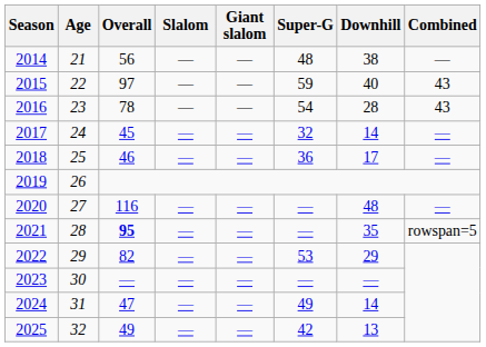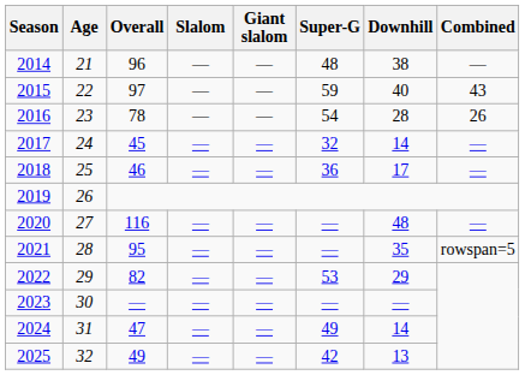 <table class=wikitable style="text-align:center">
 <tr>
 <th>Season</th>
 <th> Age </th>
 <th>Overall</th>
 <th> Slalom </th>
 <th>Giant<br> slalom </th>
 <th>Super-G</th>
 <th>Downhill</th>
 <th>Combined</th>
 </tr>
 <tr>
 <td><a href='#'>2014</a></td>
 <td><em>21</em></td>
-<td>56</td>
+<td>96</td>
 <td>—</td>
 <td>—</td>
 <td>48</td>
 <td>38</td>
 <td>—</td>
 </tr>
 <tr>
 <td><a href='#'>2015</a></td>
 <td><em>22</em></td>
 <td>97</td>
 <td>—</td>
 <td>—</td>
 <td>59</td>
 <td>40</td>
 <td>43</td>
 </tr>
 <tr>
 <td><a href='#'>2016</a></td>
 <td><em>23</em></td>
 <td>78</td>
 <td>—</td>
 <td>—</td>
 <td>54</td>
 <td>28</td>
-<td>43</td>
+<td>26</td>
 </tr>
 <tr>
 <td><a href='#'>2017</a></td>
 <td><em>24</em></td>
 <td><a href='#'>45</a></td>
 <td><a href='#'>—</a></td>
 <td><a href='#'>—</a></td>
 <td><a href='#'>32</a></td>
 <td><a href='#'>14</a></td>
 <td><a href='#'>—</a></td>
 </tr>
 <tr>
 <td><a href='#'>2018</a></td>
 <td><em>25</em></td>
 <td><a href='#'>46</a></td>
 <td><a href='#'>—</a></td>
 <td><a href='#'>—</a></td>
 <td><a href='#'>36</a></td>
 <td><a href='#'>17</a></td>
 <td><a href='#'>—</a></td>
 </tr>
 <tr>
 <td><a href='#'>2019</a></td>
 <td><em>26</em></td>
 <td colspan=6><em></em></td>
 </tr>
 <tr>
 <td><a href='#'>2020</a></td>
 <td><em>27</em></td>
 <td><a href='#'>116</a></td>
 <td><a href='#'>—</a></td>
 <td><a href='#'>—</a></td>
 <td><a href='#'>—</a></td>
 <td><a href='#'>48</a></td>
 <td><a href='#'>—</a></td>
 </tr>
 <tr>
 <td><a href='#'>2021</a></td>
 <td><em>28</em></td>
-<td><strong><a href='#'>95</a></strong></td>
+<td><a href='#'>95</a></td>
 <td><a href='#'>—</a></td>
 <td><a href='#'>—</a></td>
 <td><a href='#'>—</a></td>
 <td><a href='#'>35</a></td>
 <td>rowspan=5</td>
 </tr>
 <tr>
 <td><a href='#'>2022</a></td>
 <td><em>29</em></td>
 <td><a href='#'>82</a></td>
 <td><a href='#'>—</a></td>
 <td><a href='#'>—</a></td>
 <td><a href='#'>53</a></td>
 <td><a href='#'>29</a></td>
 </tr>
 <tr>
 <td><a href='#'>2023</a></td>
 <td><em>30</em></td>
 <td><a href='#'>—</a></td>
 <td><a href='#'>—</a></td>
 <td><a href='#'>—</a></td>
 <td><a href='#'>—</a></td>
 <td><a href='#'>—</a></td>
 </tr>
 <tr>
 <td><a href='#'>2024</a></td>
 <td><em>31</em></td>
 <td><a href='#'>47</a></td>
 <td><a href='#'>—</a></td>
 <td><a href='#'>—</a></td>
 <td><a href='#'>49</a></td>
 <td><a href='#'>14</a></td>
 </tr>
 <tr>
 <td><a href='#'>2025</a></td>
 <td><em>32</em></td>
 <td><a href='#'>49</a></td>
 <td><a href='#'>—</a></td>
 <td><a href='#'>—</a></td>
 <td><a href='#'>42</a></td>
 <td><a href='#'>13</a></td>
 </tr>
 </table>
